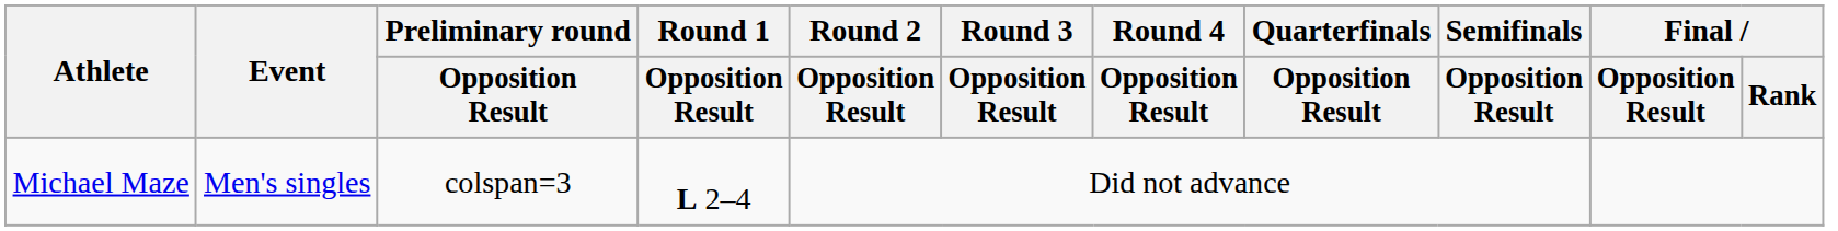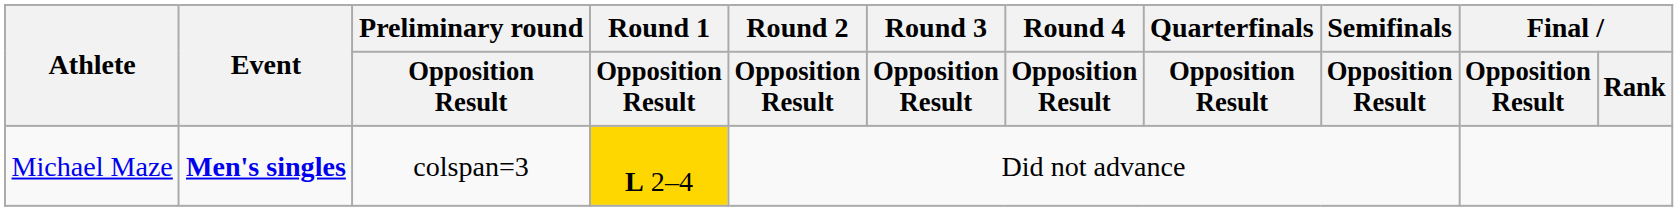 <table class="wikitable" style="font-size:90%">
 <tr>
 <th rowspan="2">Athlete</th>
 <th rowspan="2">Event</th>
 <th>Preliminary round</th>
 <th>Round 1</th>
 <th>Round 2</th>
 <th>Round 3</th>
 <th>Round 4</th>
 <th>Quarterfinals</th>
 <th>Semifinals</th>
 <th colspan=2>Final / </th>
 </tr>
 <tr style="font-size:95%">
 <th>Opposition<br>Result</th>
 <th>Opposition<br>Result</th>
 <th>Opposition<br>Result</th>
 <th>Opposition<br>Result</th>
 <th>Opposition<br>Result</th>
 <th>Opposition<br>Result</th>
 <th>Opposition<br>Result</th>
 <th>Opposition<br>Result</th>
 <th>Rank</th>
 </tr>
 <tr align=center>
 <td align=left><a href='#'>Michael Maze</a></td>
-<td align=left><a href='#'>Men's singles</a></td>
+<td align=left><strong><a href='#'>Men's singles</a></strong></td>
 <td>colspan=3 </td>
-<td><br><strong>L</strong> 2–4</td>
+<td style="background: gold;"><br><strong>L</strong> 2–4</td>
 <td colspan=5>Did not advance</td>
 </tr>
 </table>
